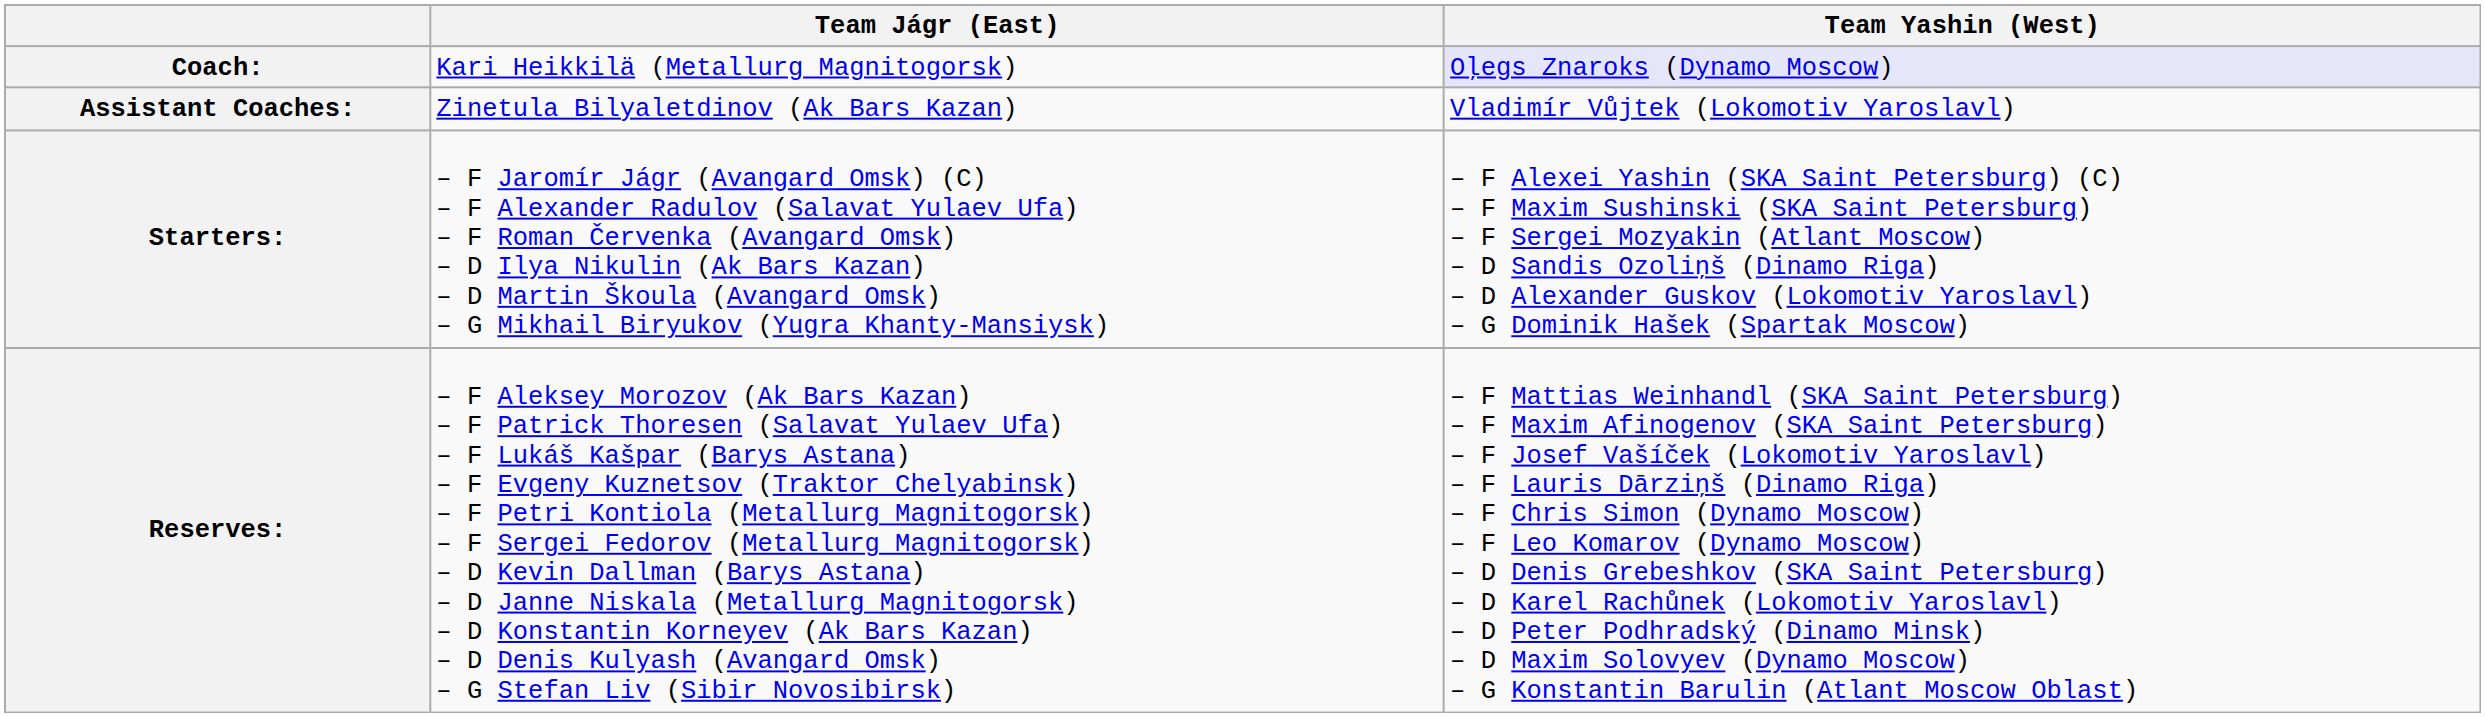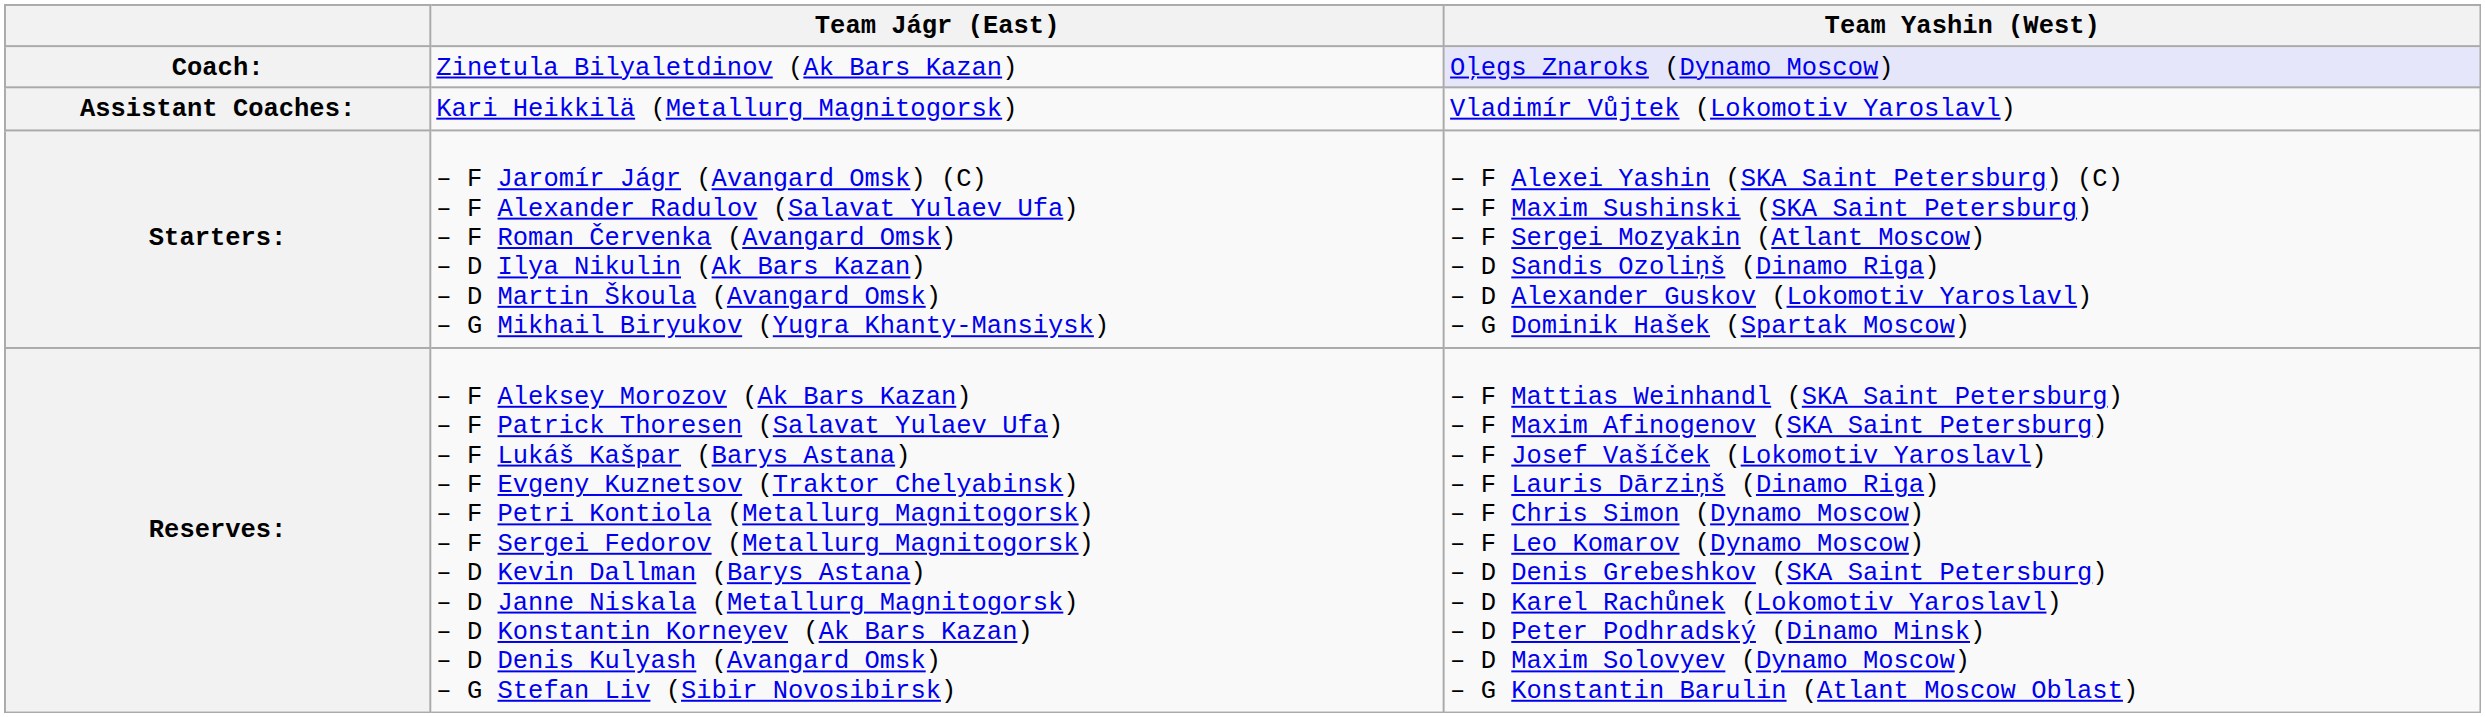 <table class="wikitable" style="width:100%">
 <tr>
 <th></th>
 <th>Team Jágr (East)</th>
 <th>Team Yashin (West)</th>
 </tr>
 <tr>
 <th>Coach:</th>
-<td> <a href='#'>Kari Heikkilä</a> (<a href='#'>Metallurg Magnitogorsk</a>)</td>
+<td> <a href='#'>Zinetula Bilyaletdinov</a> (<a href='#'>Ak Bars Kazan</a>)</td>
 <td style="background: lavender;"> <a href='#'>Oļegs Znaroks</a> (<a href='#'>Dynamo Moscow</a>)</td>
 </tr>
 <tr>
 <th>Assistant Coaches:</th>
-<td> <a href='#'>Zinetula Bilyaletdinov</a> (<a href='#'>Ak Bars Kazan</a>)</td>
+<td> <a href='#'>Kari Heikkilä</a> (<a href='#'>Metallurg Magnitogorsk</a>)</td>
 <td> <a href='#'>Vladimír Vůjtek</a> (<a href='#'>Lokomotiv Yaroslavl</a>)</td>
 </tr>
 <tr>
 <th>Starters:</th>
 <td><br> – F <a href='#'>Jaromír Jágr</a> (<a href='#'>Avangard Omsk</a>) (C)<br>  – F <a href='#'>Alexander Radulov</a> (<a href='#'>Salavat Yulaev Ufa</a>)<br>  – F <a href='#'>Roman Červenka</a> (<a href='#'>Avangard Omsk</a>)<br>  – D <a href='#'>Ilya Nikulin</a> (<a href='#'>Ak Bars Kazan</a>)<br>  – D <a href='#'>Martin Škoula</a> (<a href='#'>Avangard Omsk</a>)<br>  – G <a href='#'>Mikhail Biryukov</a> (<a href='#'>Yugra Khanty-Mansiysk</a>)</td>
 <td><br> – F <a href='#'>Alexei Yashin</a> (<a href='#'>SKA Saint Petersburg</a>) (C)<br>  – F <a href='#'>Maxim Sushinski</a> (<a href='#'>SKA Saint Petersburg</a>)<br>  – F <a href='#'>Sergei Mozyakin</a> (<a href='#'>Atlant Moscow</a>)<br>  – D <a href='#'>Sandis Ozoliņš</a> (<a href='#'>Dinamo Riga</a>)<br>  – D <a href='#'>Alexander Guskov</a> (<a href='#'>Lokomotiv Yaroslavl</a>)<br>  – G <a href='#'>Dominik Hašek</a> (<a href='#'>Spartak Moscow</a>)</td>
 </tr>
 <tr>
 <th>Reserves:</th>
 <td><br> – F <a href='#'>Aleksey Morozov</a> (<a href='#'>Ak Bars Kazan</a>)<br>  – F <a href='#'>Patrick Thoresen</a> (<a href='#'>Salavat Yulaev Ufa</a>)<br>  – F <a href='#'>Lukáš Kašpar</a> (<a href='#'>Barys Astana</a>)<br>  – F <a href='#'>Evgeny Kuznetsov</a> (<a href='#'>Traktor Chelyabinsk</a>)<br>  – F <a href='#'>Petri Kontiola</a> (<a href='#'>Metallurg Magnitogorsk</a>)<br>  – F <a href='#'>Sergei Fedorov</a> (<a href='#'>Metallurg Magnitogorsk</a>)<br>  – D <a href='#'>Kevin Dallman</a> (<a href='#'>Barys Astana</a>)<br>  – D <a href='#'>Janne Niskala</a> (<a href='#'>Metallurg Magnitogorsk</a>)<br>  – D <a href='#'>Konstantin Korneyev</a> (<a href='#'>Ak Bars Kazan</a>)<br>  – D <a href='#'>Denis Kulyash</a> (<a href='#'>Avangard Omsk</a>)<br>  – G <a href='#'>Stefan Liv</a> (<a href='#'>Sibir Novosibirsk</a>)<br></td>
 <td><br> – F <a href='#'>Mattias Weinhandl</a> (<a href='#'>SKA Saint Petersburg</a>)<br>  – F <a href='#'>Maxim Afinogenov</a> (<a href='#'>SKA Saint Petersburg</a>)<br>  – F <a href='#'>Josef Vašíček</a> (<a href='#'>Lokomotiv Yaroslavl</a>)<br>  – F <a href='#'>Lauris Dārziņš</a> (<a href='#'>Dinamo Riga</a>)<br>  – F <a href='#'>Chris Simon</a> (<a href='#'>Dynamo Moscow</a>)<br>  – F <a href='#'>Leo Komarov</a> (<a href='#'>Dynamo Moscow</a>)<br>  – D <a href='#'>Denis Grebeshkov</a> (<a href='#'>SKA Saint Petersburg</a>)<br>  – D <a href='#'>Karel Rachůnek</a> (<a href='#'>Lokomotiv Yaroslavl</a>)<br>  – D <a href='#'>Peter Podhradský</a> (<a href='#'>Dinamo Minsk</a>)<br>  – D <a href='#'>Maxim Solovyev</a> (<a href='#'>Dynamo Moscow</a>)<br>  – G <a href='#'>Konstantin Barulin</a> (<a href='#'>Atlant Moscow Oblast</a>)<br></td>
 </tr>
 </table>
